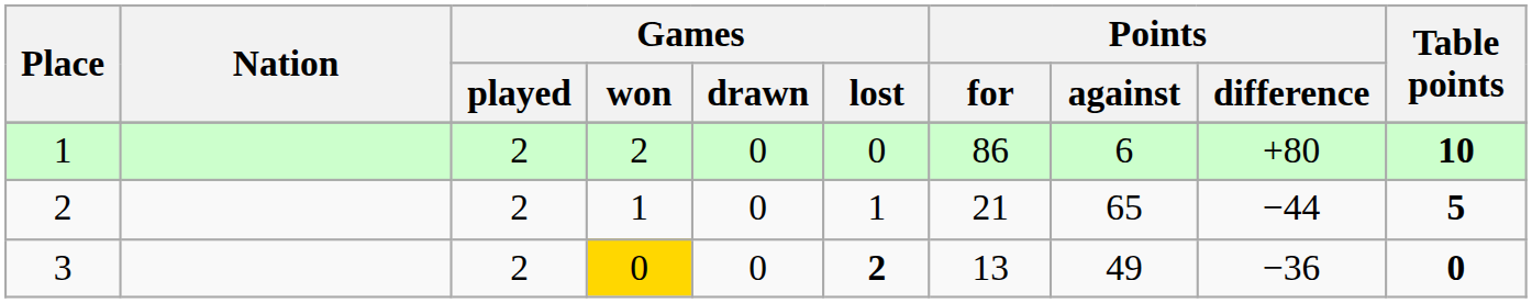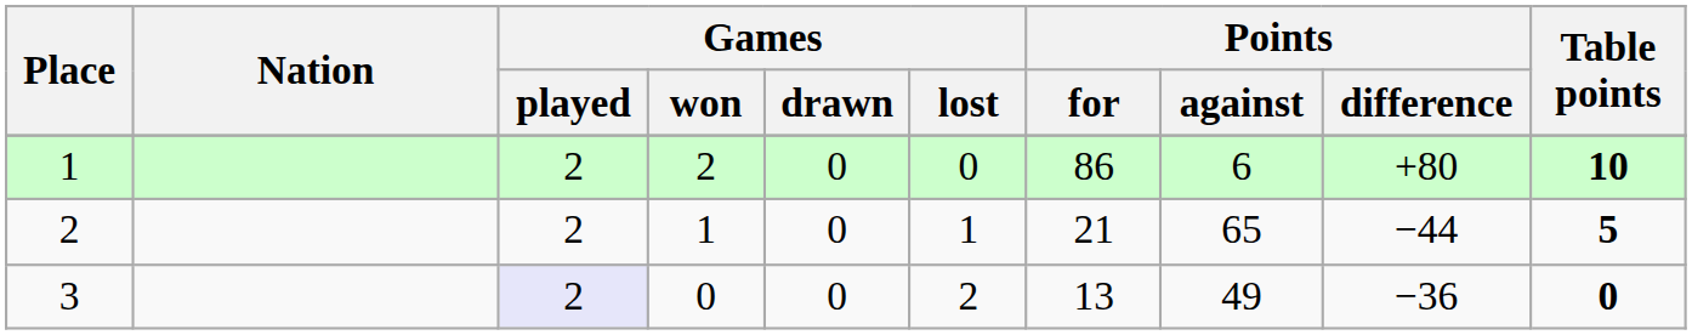 <table class="wikitable" width="75%">
 <tr>
 <th rowspan=2 width="6%">Place</th>
 <th rowspan=2 width="19%">Nation</th>
 <th colspan=4 width="24%">Games</th>
 <th colspan=3 width="18%">Points</th>
 <th rowspan=2 width="8%">Table<br>points</th>
 </tr>
 <tr>
 <th width="6%">played</th>
 <th width="6%">won</th>
 <th width="6%">drawn</th>
 <th width="6%">lost</th>
 <th width="7%">for</th>
 <th width="7%">against</th>
 <th width="7%">difference</th>
 </tr>
 <tr>
 </tr>
 <tr align=center bgcolor="#ccffcc">
 <td>1</td>
 <td align=left></td>
 <td>2</td>
 <td>2</td>
 <td>0</td>
 <td>0</td>
 <td>86</td>
 <td>6</td>
 <td>+80</td>
 <td><strong>10</strong></td>
 </tr>
 <tr align=center>
 <td>2</td>
 <td align=left></td>
 <td>2</td>
 <td>1</td>
 <td>0</td>
 <td>1</td>
 <td>21</td>
 <td>65</td>
 <td>−44</td>
 <td><strong>5</strong></td>
 </tr>
 <tr align=center>
 <td>3</td>
 <td align=left></td>
+<td style="background: lavender;">2</td>
+<td>0</td>
+<td>0</td>
 <td>2</td>
-<td style="background: gold;">0</td>
-<td>0</td>
-<td><strong>2</strong></td>
 <td>13</td>
 <td>49</td>
 <td>−36</td>
 <td><strong>0</strong></td>
 </tr>
 </table>
